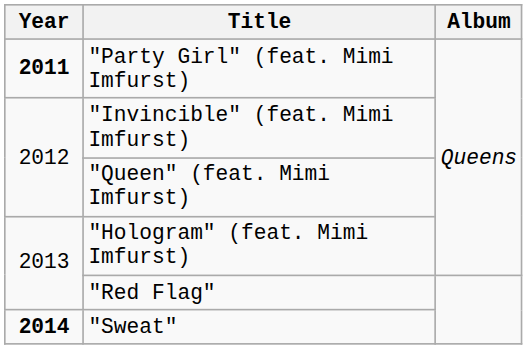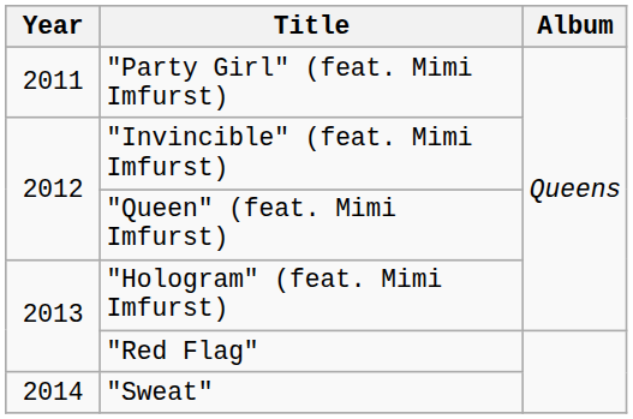 <table class="wikitable" style="text-align:center;">
 <tr>
 <th style="width:42px;">Year</th>
 <th style="width:210px;">Title</th>
 <th>Album</th>
 </tr>
 <tr>
-<td><strong>2011</strong></td>
+<td>2011</td>
 <td align="left">"Party Girl" (feat. Mimi Imfurst)</td>
 <td rowspan="4"><em>Queens</em></td>
 </tr>
 <tr>
 <td rowspan="2">2012</td>
 <td align="left">"Invincible" (feat. Mimi Imfurst)</td>
 </tr>
 <tr>
 <td align="left">"Queen" (feat. Mimi Imfurst)</td>
 </tr>
 <tr>
 <td rowspan="2">2013</td>
 <td align="left">"Hologram" (feat. Mimi Imfurst)</td>
 </tr>
 <tr>
 <td align="left">"Red Flag"</td>
 </tr>
 <tr>
-<td><strong>2014</strong></td>
+<td>2014</td>
 <td align="left">"Sweat"</td>
 </tr>
 </table>
